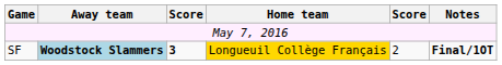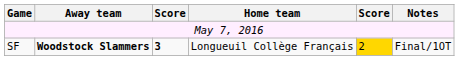 <table class="wikitable">
 <tr>
 <th>Game</th>
 <th>Away team</th>
 <th>Score</th>
 <th>Home team</th>
 <th>Score</th>
 <th>Notes</th>
 </tr>
 <tr style="text-align:center; background:#fef;">
 <td colspan="11"><em>May 7, 2016</em></td>
 </tr>
 <tr>
 <td>SF</td>
-<td style="background: lightblue;"><strong>Woodstock Slammers</strong></td>
+<td><strong>Woodstock Slammers</strong></td>
 <td><strong>3</strong></td>
-<td style="background: gold;">Longueuil Collège Français</td>
-<td>2</td>
-<td><strong>Final/1OT</strong></td>
+<td>Longueuil Collège Français</td>
+<td style="background: gold;">2</td>
+<td>Final/1OT</td>
 </tr>
 </table>
